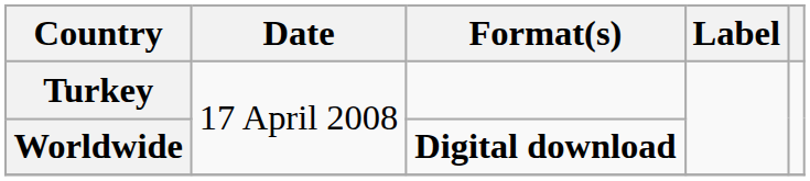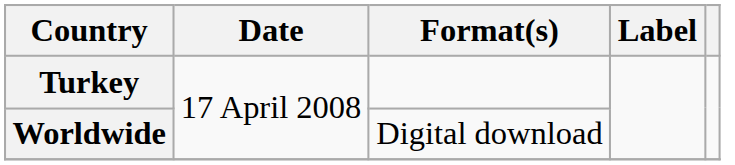 <table class="wikitable plainrowheaders">
 <tr>
 <th scope="col">Country</th>
 <th scope="col">Date</th>
 <th scope="col">Format(s)</th>
 <th scope="col">Label</th>
 <th scope="col"></th>
 </tr>
 <tr>
 <th scope="row">Turkey</th>
 <td rowspan="2">17 April 2008</td>
 <td></td>
 <td rowspan="2"></td>
 <td align="center" rowspan="2"></td>
 </tr>
 <tr>
 <th scope="row">Worldwide</th>
-<td><strong>Digital download</strong></td>
+<td>Digital download</td>
 </tr>
 <tr>
 </tr>
 </table>
